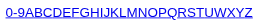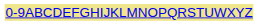 <table id="toc" class="toc" summary="Class">
 <tr>
 <th></th>
 </tr>
 <tr>
-<td style="text-align:center;"><a href='#'>0-9</a><a href='#'>A</a><a href='#'>B</a><a href='#'>C</a><a href='#'>D</a><a href='#'>E</a><a href='#'>F</a><a href='#'>G</a><a href='#'>H</a><a href='#'>I</a><a href='#'>J</a><a href='#'>K</a><a href='#'>L</a><a href='#'>M</a><a href='#'>N</a><a href='#'>O</a><a href='#'>P</a><a href='#'>Q</a><a href='#'>R</a><a href='#'>S</a><a href='#'>T</a><a href='#'>U</a><a href='#'>W</a><a href='#'>X</a><a href='#'>Y</a><a href='#'>Z</a></td>
+<td style="background: khaki; text-align:center;"><a href='#'>0-9</a><a href='#'>A</a><a href='#'>B</a><a href='#'>C</a><a href='#'>D</a><a href='#'>E</a><a href='#'>F</a><a href='#'>G</a><a href='#'>H</a><a href='#'>I</a><a href='#'>J</a><a href='#'>K</a><a href='#'>L</a><a href='#'>M</a><a href='#'>N</a><a href='#'>O</a><a href='#'>P</a><a href='#'>Q</a><a href='#'>R</a><a href='#'>S</a><a href='#'>T</a><a href='#'>U</a><a href='#'>W</a><a href='#'>X</a><a href='#'>Y</a><a href='#'>Z</a></td>
 </tr>
 </table>
